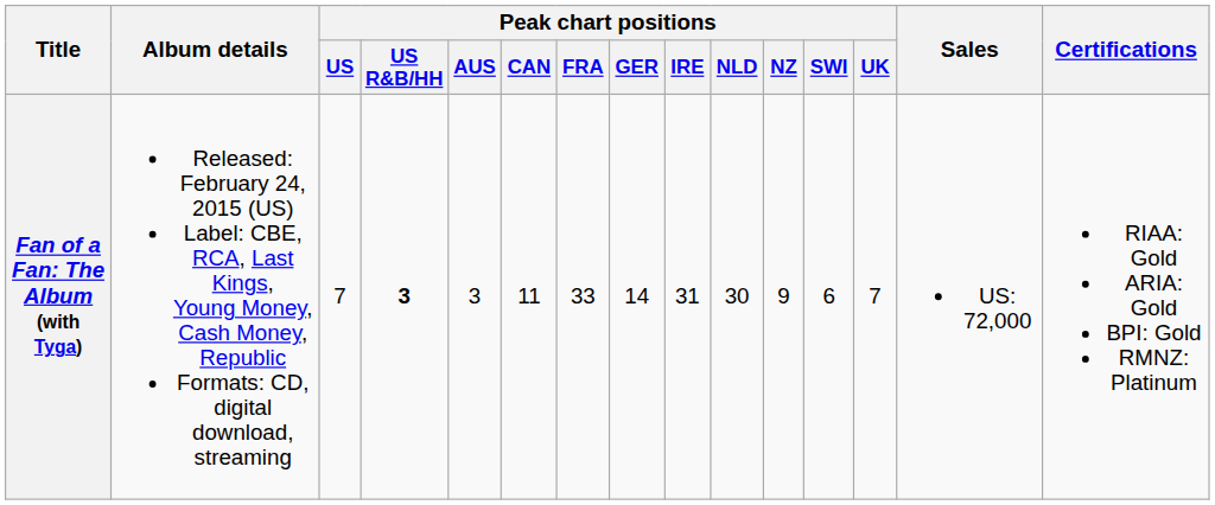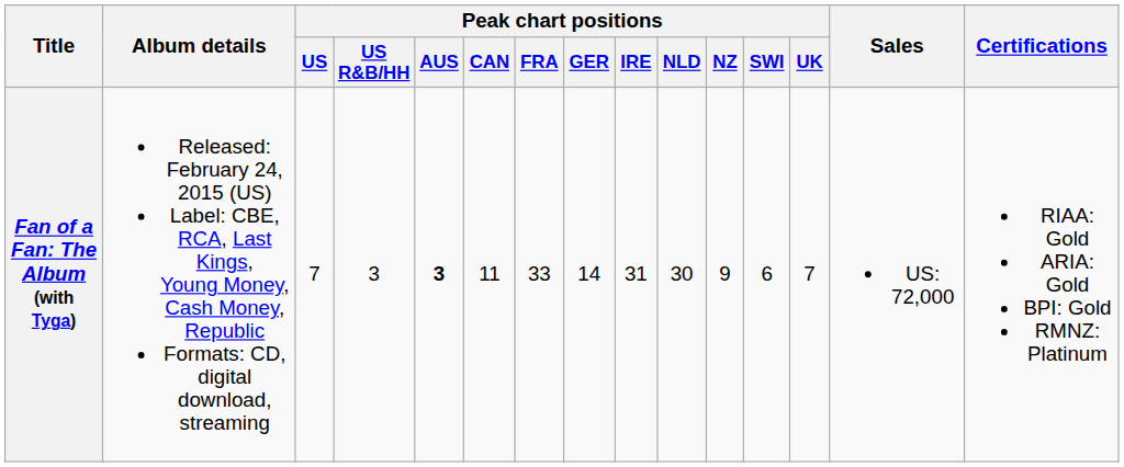 <table class="wikitable plainrowheaders" style="text-align:center;">
 <tr>
 <th scope="col" rowspan="2" style="width:12em;">Title</th>
 <th scope="col" rowspan="2" style="width:21em;">Album details</th>
 <th scope="col" colspan="11">Peak chart positions</th>
 <th scope="col" rowspan="2" style="width:10em;">Sales</th>
 <th scope="col" rowspan="2" style="width:11em;"><a href='#'>Certifications</a></th>
 </tr>
 <tr>
 <th scope="col" style="width:3em;font-size:90%;"><a href='#'>US</a><br></th>
 <th scope="col" style="width:3em;font-size:90%;"><a href='#'>US R&B/HH</a><br></th>
 <th scope="col" style="width:3em;font-size:90%;"><a href='#'>AUS</a><br></th>
 <th scope="col" style="width:3em;font-size:90%;"><a href='#'>CAN</a><br></th>
 <th scope="col" style="width:3em;font-size:90%;"><a href='#'>FRA</a><br></th>
 <th scope="col" style="width:3em;font-size:90%;"><a href='#'>GER</a><br></th>
 <th scope="col" style="width:3em;font-size:90%;"><a href='#'>IRE</a><br></th>
 <th scope="col" style="width:3em;font-size:90%;"><a href='#'>NLD</a><br></th>
 <th scope="col" style="width:3em;font-size:90%;"><a href='#'>NZ</a><br></th>
 <th scope="col" style="width:3em;font-size:90%;"><a href='#'>SWI</a><br></th>
 <th scope="col" style="width:3em;font-size:90%;"><a href='#'>UK</a><br></th>
 </tr>
 <tr>
 <th scope="row"><em><a href='#'>Fan of a Fan: The Album</a></em><br><small>(with <a href='#'>Tyga</a>)</small></th>
 <td><br><ul><li>Released: February 24, 2015 <span>(US)</span></li><li>Label: CBE, <a href='#'>RCA</a>, <a href='#'>Last Kings</a>, <br><a href='#'>Young Money</a>, <a href='#'>Cash Money</a>, <a href='#'>Republic</a></li><li>Formats: CD, digital download, streaming</li></ul></td>
 <td>7</td>
+<td>3</td>
 <td><strong>3</strong></td>
-<td>3</td>
 <td>11</td>
 <td>33</td>
 <td>14</td>
 <td>31</td>
 <td>30</td>
 <td>9</td>
 <td>6</td>
 <td>7</td>
 <td><br><ul><li>US: 72,000</li></ul></td>
 <td><br><ul><li>RIAA: Gold</li><li>ARIA: Gold</li><li>BPI: Gold</li><li>RMNZ: Platinum</li></ul></td>
 </tr>
 </table>
